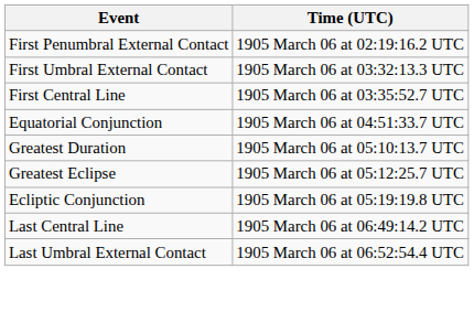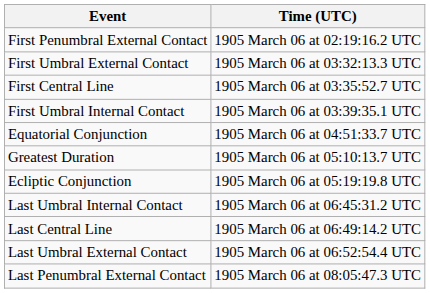 <table class="wikitable">
 <tr>
 <th>Event</th>
 <th>Time (UTC)</th>
 </tr>
 <tr>
 <td>First Penumbral External Contact</td>
 <td>1905 March 06 at 02:19:16.2 UTC</td>
 </tr>
 <tr>
 <td>First Umbral External Contact</td>
 <td>1905 March 06 at 03:32:13.3 UTC</td>
 </tr>
 <tr>
 <td>First Central Line</td>
 <td>1905 March 06 at 03:35:52.7 UTC</td>
 </tr>
 <tr>
+<td>First Umbral Internal Contact</td>
+<td>1905 March 06 at 03:39:35.1 UTC</td>
+</tr>
+<tr>
 <td>Equatorial Conjunction</td>
 <td>1905 March 06 at 04:51:33.7 UTC</td>
 </tr>
 <tr>
 <td>Greatest Duration</td>
 <td>1905 March 06 at 05:10:13.7 UTC</td>
 </tr>
 <tr>
-<td>Greatest Eclipse</td>
-<td>1905 March 06 at 05:12:25.7 UTC</td>
+<td>Ecliptic Conjunction</td>
+<td>1905 March 06 at 05:19:19.8 UTC</td>
 </tr>
 <tr>
-<td>Ecliptic Conjunction</td>
-<td>1905 March 06 at 05:19:19.8 UTC</td>
+<td>Last Umbral Internal Contact</td>
+<td>1905 March 06 at 06:45:31.2 UTC</td>
 </tr>
 <tr>
 <td>Last Central Line</td>
 <td>1905 March 06 at 06:49:14.2 UTC</td>
 </tr>
 <tr>
 <td>Last Umbral External Contact</td>
 <td>1905 March 06 at 06:52:54.4 UTC</td>
 </tr>
+<tr>
+<td>Last Penumbral External Contact</td>
+<td>1905 March 06 at 08:05:47.3 UTC</td>
+</tr>
 </table>
